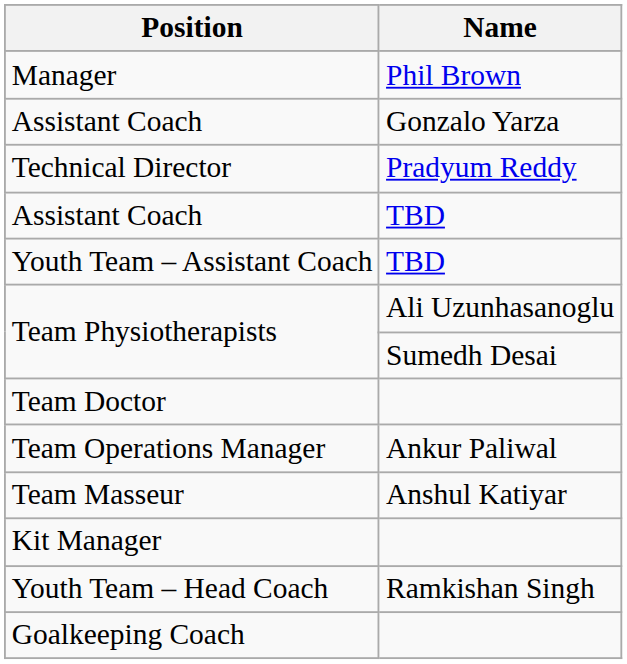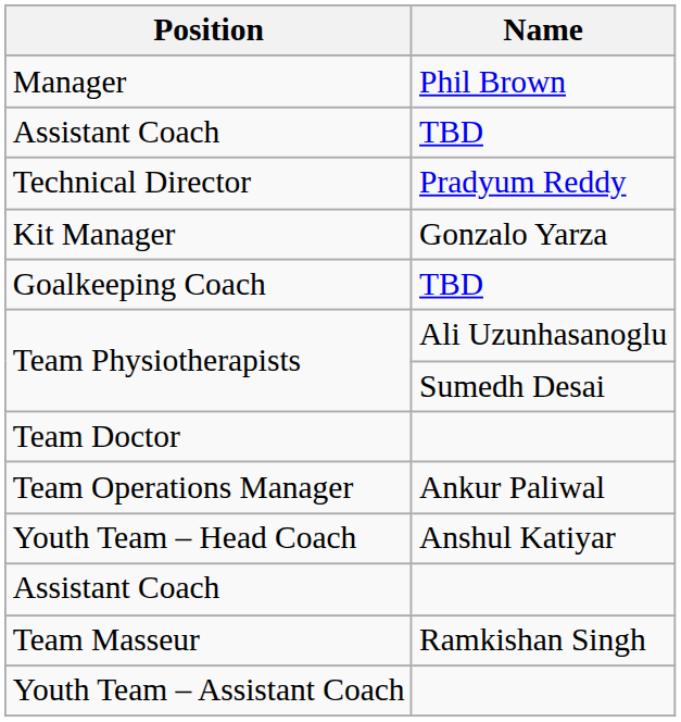 <table class="wikitable">
 <tr>
 <th>Position</th>
 <th>Name</th>
 </tr>
 <tr>
 <td>Manager</td>
 <td> <a href='#'>Phil Brown</a></td>
 </tr>
 <tr>
 <td>Assistant Coach</td>
-<td> Gonzalo Yarza</td>
+<td><a href='#'>TBD</a></td>
 </tr>
 <tr>
 <td>Technical Director</td>
 <td> <a href='#'>Pradyum Reddy</a></td>
 </tr>
 <tr>
-<td>Assistant Coach</td>
-<td><a href='#'>TBD</a></td>
+<td>Kit Manager</td>
+<td> Gonzalo Yarza</td>
 </tr>
 <tr>
-<td>Youth Team – Assistant Coach</td>
+<td>Goalkeeping Coach</td>
 <td><a href='#'>TBD</a></td>
 </tr>
 <tr>
 <td rowspan="2">Team Physiotherapists</td>
 <td> Ali Uzunhasanoglu</td>
 </tr>
 <tr>
 <td> Sumedh Desai</td>
 </tr>
 <tr>
 <td>Team Doctor</td>
 <td></td>
 </tr>
 <tr>
 <td>Team Operations Manager</td>
 <td> Ankur Paliwal</td>
 </tr>
 <tr>
-<td>Team Masseur</td>
+<td>Youth Team – Head Coach</td>
 <td> Anshul Katiyar</td>
 </tr>
 <tr>
-<td>Kit Manager</td>
+<td>Assistant Coach</td>
 <td></td>
 </tr>
 <tr>
-<td>Youth Team – Head Coach</td>
+<td>Team Masseur</td>
 <td> Ramkishan Singh</td>
 </tr>
 <tr>
-<td>Goalkeeping Coach</td>
+<td>Youth Team – Assistant Coach</td>
 <td></td>
 </tr>
 </table>
